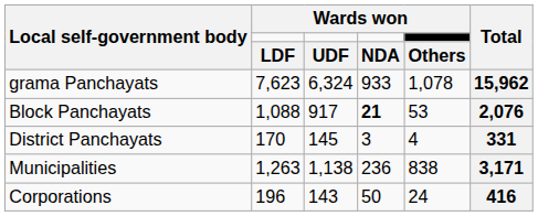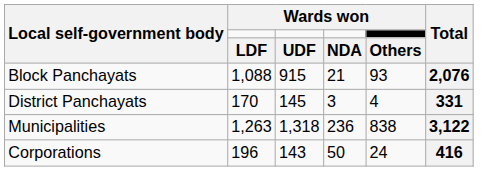 <table class="wikitable mw-collapsible mw-collapsed">
 <tr>
 <th rowspan="3">Local self-government body</th>
 <th colspan="4">Wards won</th>
 <th rowspan="3">Total</th>
 </tr>
 <tr>
 <td style="background:"></td>
 <td style="background:"></td>
 <td style="background:"></td>
 <td style="background:black"></td>
 </tr>
 <tr>
 <th>LDF</th>
 <th>UDF</th>
 <th>NDA</th>
 <th>Others</th>
 </tr>
 <tr>
-<td>grama Panchayats</td>
-<td>7,623</td>
-<td>6,324</td>
-<td>933</td>
-<td>1,078</td>
-<th>15,962</th>
-</tr>
-<tr>
 <td>Block Panchayats</td>
 <td>1,088</td>
-<td>917</td>
-<td><strong>21</strong></td>
-<td>53</td>
+<td>915</td>
+<td>21</td>
+<td>93</td>
 <th>2,076</th>
 </tr>
 <tr>
 <td>District Panchayats</td>
 <td>170</td>
 <td>145</td>
 <td>3</td>
 <td>4</td>
 <th>331</th>
 </tr>
 <tr>
 <td>Municipalities</td>
 <td>1,263</td>
-<td>1,138</td>
+<td>1,318</td>
 <td>236</td>
 <td>838</td>
-<th>3,171</th>
+<th>3,122</th>
 </tr>
 <tr>
 <td>Corporations</td>
 <td>196</td>
 <td>143</td>
 <td>50</td>
 <td>24</td>
 <th>416</th>
 </tr>
 </table>
